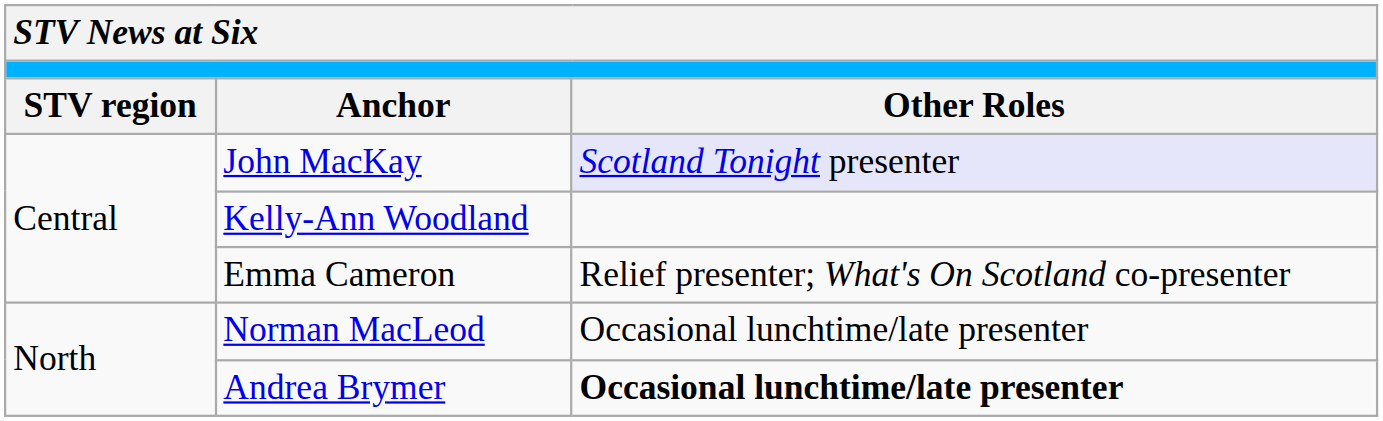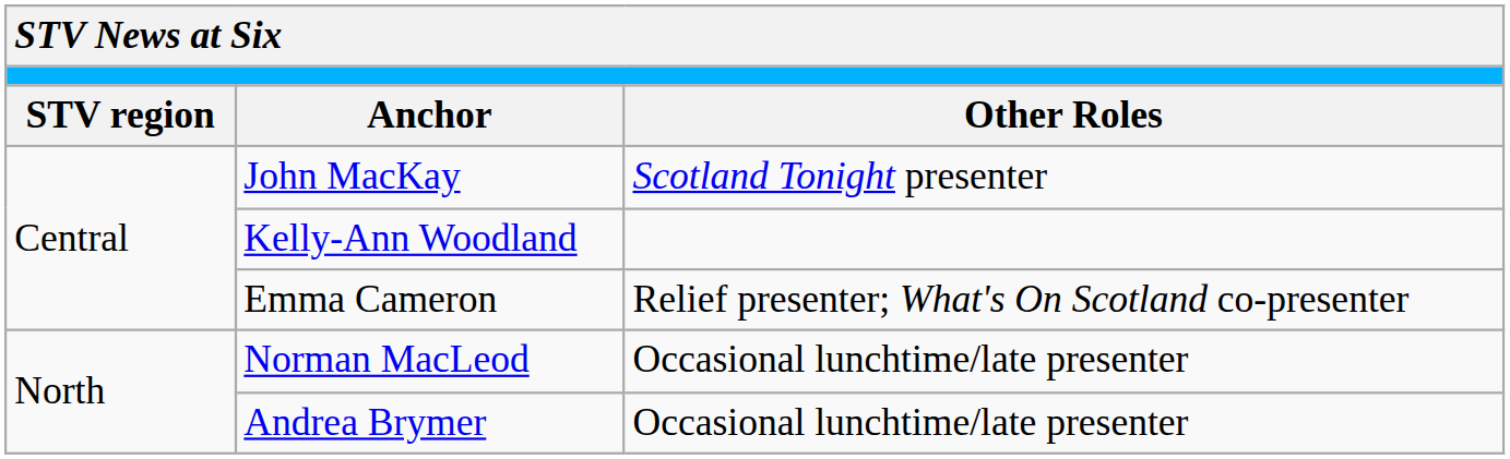 <table class="wikitable" style="width:70%;">
 <tr>
 <th colspan="4" style="text-align:left;"><em>STV News at Six</em></th>
 </tr>
 <tr style="background:#00B1FF;">
 <td colspan="4"></td>
 </tr>
 <tr>
 <th>STV region</th>
 <th>Anchor</th>
 <th>Other Roles</th>
 </tr>
 <tr>
 <td rowspan=3>Central</td>
 <td><a href='#'>John MacKay</a></td>
-<td style="background: lavender;"><em><a href='#'>Scotland Tonight</a></em> presenter</td>
+<td><em><a href='#'>Scotland Tonight</a></em> presenter</td>
 </tr>
 <tr>
 <td><a href='#'>Kelly-Ann Woodland</a></td>
 <td></td>
 </tr>
 <tr>
 <td>Emma Cameron</td>
 <td>Relief presenter; <em>What's On Scotland</em> co-presenter</td>
 </tr>
 <tr>
 <td rowspan=3>North</td>
 <td><a href='#'>Norman MacLeod</a></td>
 <td>Occasional lunchtime/late presenter</td>
 </tr>
 <tr>
 <td><a href='#'>Andrea Brymer</a></td>
-<td><strong>Occasional lunchtime/late presenter</strong></td>
+<td>Occasional lunchtime/late presenter</td>
 </tr>
 </table>
